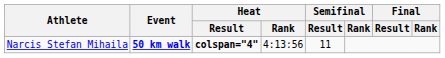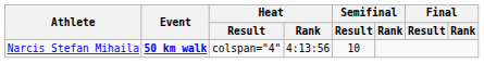 <table class="wikitable" style="font-size:90%">
 <tr>
 <th rowspan="2">Athlete</th>
 <th rowspan="2">Event</th>
 <th colspan="2">Heat</th>
 <th colspan="2">Semifinal</th>
 <th colspan="2">Final</th>
 </tr>
 <tr>
 <th>Result</th>
 <th>Rank</th>
 <th>Result</th>
 <th>Rank</th>
 <th>Result</th>
 <th>Rank</th>
 </tr>
 <tr style=text-align:center>
 <td style=text-align:left><a href='#'>Narcis Stefan Mihaila</a></td>
 <td style=text-align:left><strong><a href='#'>50 km walk</a></strong></td>
-<td><strong>colspan="4" </strong></td>
+<td>colspan="4" </td>
 <td>4:13:56</td>
-<td>11</td>
+<td>10</td>
 </tr>
 </table>
